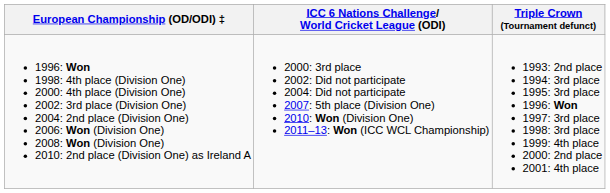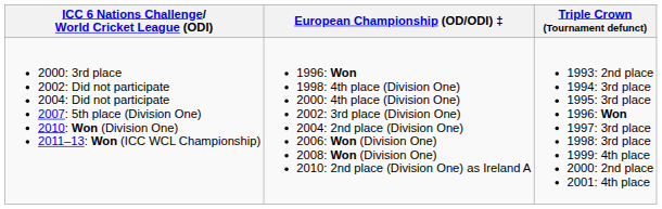 <table class="wikitable">
 <tr style="background:#ccc;">
+<th><a href='#'>ICC 6 Nations Challenge</a>/<br><a href='#'>World Cricket League</a> (ODI)</th>
 <th><a href='#'>European Championship</a> (OD/ODI) ‡</th>
-<th><a href='#'>ICC 6 Nations Challenge</a>/<br><a href='#'>World Cricket League</a> (ODI)</th>
 <th><a href='#'>Triple Crown</a><br><small>(Tournament defunct)</small></th>
 </tr>
 <tr>
+<td valign=top><br><ul><li>2000: 3rd place</li><li>2002: Did not participate</li><li>2004: Did not participate</li><li><a href='#'>2007</a>: 5th place (Division One)</li><li><a href='#'>2010</a>: <strong>Won</strong> (Division One)</li><li><a href='#'>2011–13</a>: <strong>Won</strong> (ICC WCL Championship)</li></ul></td>
 <td valign=top><br><ul><li>1996: <strong>Won</strong></li><li>1998: 4th place (Division One)</li><li>2000: 4th place (Division One)</li><li>2002: 3rd place (Division One)</li><li>2004: 2nd place (Division One)</li><li>2006: <strong>Won</strong> (Division One)</li><li>2008: <strong>Won</strong> (Division One)</li><li>2010: 2nd place (Division One) as Ireland A</li></ul></td>
-<td valign=top><br><ul><li>2000: 3rd place</li><li>2002: Did not participate</li><li>2004: Did not participate</li><li><a href='#'>2007</a>: 5th place (Division One)</li><li><a href='#'>2010</a>: <strong>Won</strong> (Division One)</li><li><a href='#'>2011–13</a>: <strong>Won</strong> (ICC WCL Championship)</li></ul></td>
 <td valign=top><br><ul><li>1993: 2nd place</li><li>1994: 3rd place</li><li>1995: 3rd place</li><li>1996: <strong>Won</strong></li><li>1997: 3rd place</li><li>1998: 3rd place</li><li>1999: 4th place</li><li>2000: 2nd place</li><li>2001: 4th place</li></ul></td>
 </tr>
 </table>
